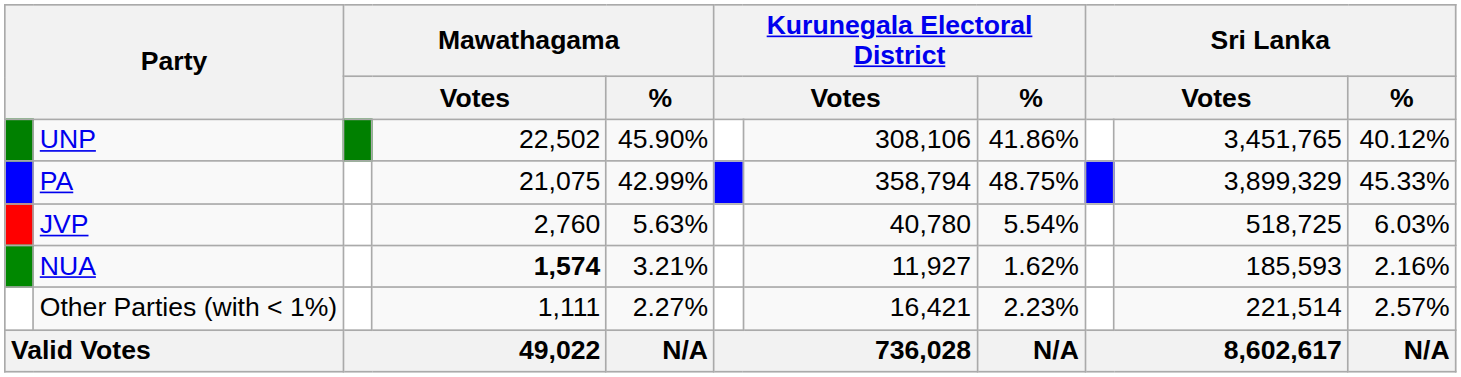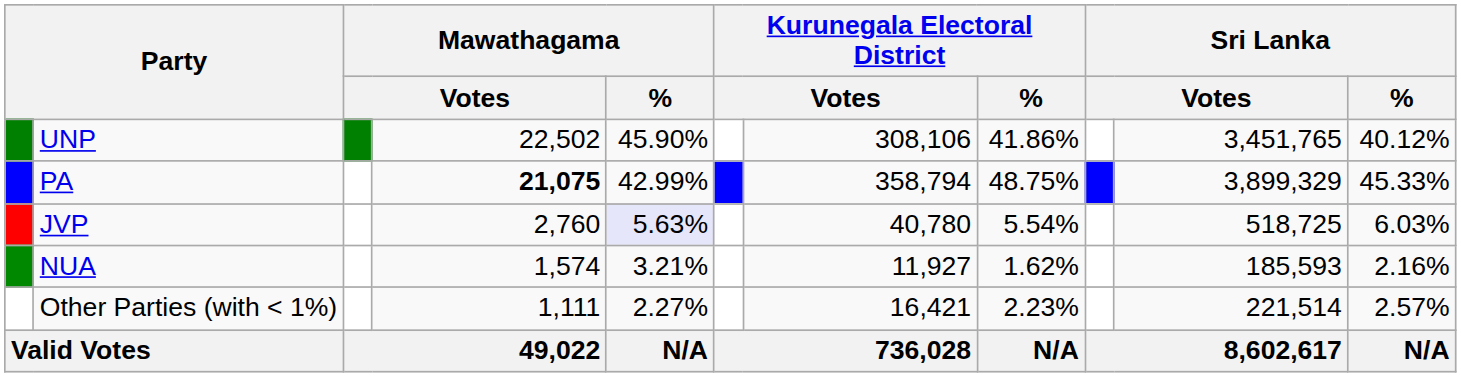 <table class="wikitable">
 <tr>
 <th colspan="2" width="144px"rowspan="2">Party</th>
 <th colspan="3" width="216px">Mawathagama</th>
 <th colspan="3" width="216px"><a href='#'>Kurunegala Electoral District</a></th>
 <th colspan="3" width="216px">Sri Lanka</th>
 </tr>
 <tr>
 <th colspan="2" width="144px">Votes</th>
 <th>%</th>
 <th colspan="2" width="144px">Votes</th>
 <th>%</th>
 <th colspan="2" width="144px">Votes</th>
 <th>%</th>
 </tr>
 <tr>
 <td style="background-color:green;" width="10px"></td>
 <td style="text-align:left;"><a href='#'>UNP</a></td>
 <td style="background-color:green;" width="10px"></td>
 <td style="text-align:right;">22,502</td>
 <td style="text-align:right;">45.90%</td>
 <td style="background-color:white;" width="10px"></td>
 <td style="text-align:right;">308,106</td>
 <td style="text-align:right;">41.86%</td>
 <td style="background-color:white;" width="10px"></td>
 <td style="text-align:right;">3,451,765</td>
 <td style="text-align:right;">40.12%</td>
 </tr>
 <tr>
 <td style="background-color:blue;" width="10px"></td>
 <td style="text-align:left;"><a href='#'>PA</a></td>
 <td style="background-color:white;" width="10px"></td>
-<td style="text-align:right;">21,075</td>
+<td style="text-align:right;"><strong>21,075</strong></td>
 <td style="text-align:right;">42.99%</td>
 <td style="background-color:blue;" width="10px"></td>
 <td style="text-align:right;">358,794</td>
 <td style="text-align:right;">48.75%</td>
 <td style="background-color:blue;" width="10px"></td>
 <td style="text-align:right;">3,899,329</td>
 <td style="text-align:right;">45.33%</td>
 </tr>
 <tr>
 <td style="background-color:red;" width="10px"></td>
 <td style="text-align:left;"><a href='#'>JVP</a></td>
 <td style="background-color:white;" width="10px"></td>
 <td style="text-align:right;">2,760</td>
-<td style="text-align:right;">5.63%</td>
+<td style="background: lavender; text-align:right;">5.63%</td>
 <td style="background-color:white;" width="10px"></td>
 <td style="text-align:right;">40,780</td>
 <td style="text-align:right;">5.54%</td>
 <td style="background-color:white;" width="10px"></td>
 <td style="text-align:right;">518,725</td>
 <td style="text-align:right;">6.03%</td>
 </tr>
 <tr>
 <td style="background-color:#008800;" width="10px"></td>
 <td style="text-align:left;"><a href='#'>NUA</a></td>
 <td style="background-color:white;" width="10px"></td>
-<td style="text-align:right;"><strong>1,574</strong></td>
+<td style="text-align:right;">1,574</td>
 <td style="text-align:right;">3.21%</td>
 <td style="background-color:white;" width="10px"></td>
 <td style="text-align:right;">11,927</td>
 <td style="text-align:right;">1.62%</td>
 <td style="background-color:white;" width="10px"></td>
 <td style="text-align:right;">185,593</td>
 <td style="text-align:right;">2.16%</td>
 </tr>
 <tr>
 <td style="background-color:white;" width="10px"></td>
 <td style="text-align:left;">Other Parties (with < 1%)</td>
 <td style="background-color:white;" width="10px"></td>
 <td style="text-align:right;">1,111</td>
 <td style="text-align:right;">2.27%</td>
 <td style="background-color:white;" width="10px"></td>
 <td style="text-align:right;">16,421</td>
 <td style="text-align:right;">2.23%</td>
 <td style="background-color:white;" width="10px"></td>
 <td style="text-align:right;">221,514</td>
 <td style="text-align:right;">2.57%</td>
 </tr>
 <tr>
 <th colspan="2" width="144px"style="text-align:left;">Valid Votes</th>
 <th style="text-align:right;"colspan="2" width="144px">49,022</th>
 <th style="text-align:right;">N/A</th>
 <th style="text-align:right;"colspan="2" width="144px">736,028</th>
 <th style="text-align:right;">N/A</th>
 <th style="text-align:right;"colspan="2" width="144px">8,602,617</th>
 <th style="text-align:right;">N/A</th>
 </tr>
 </table>
